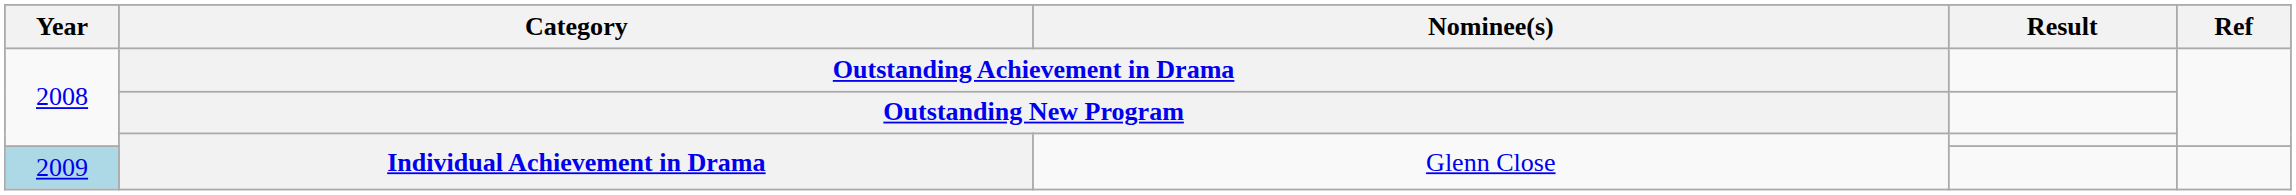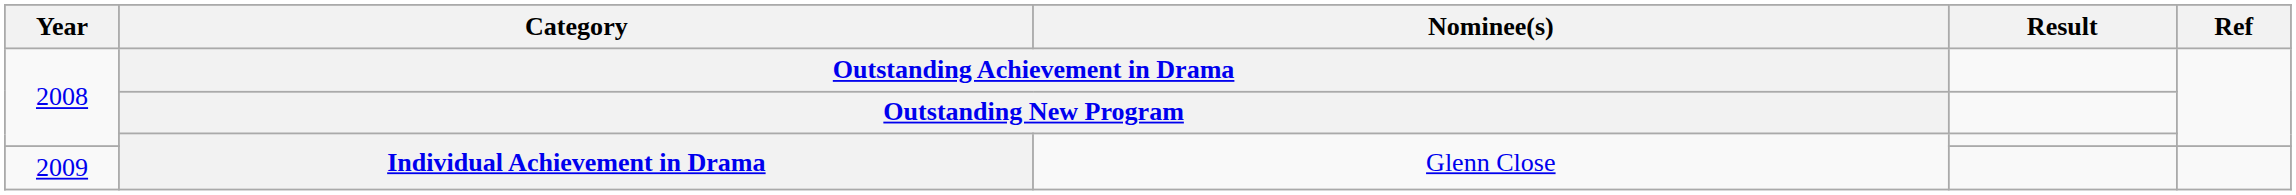 <table class="wikitable plainrowheaders" style="font-size: 90%; text-align:center" width=100%>
 <tr>
 <th scope="col" width="5%">Year</th>
 <th scope="col" width="40%">Category</th>
 <th scope="col" width="40%">Nominee(s)</th>
 <th scope="col" width="10%">Result</th>
 <th scope="col" width="5%">Ref</th>
 </tr>
 <tr>
 <td rowspan="3"><a href='#'>2008</a></td>
 <th scope="row" style="text-align:center" colspan="2"><a href='#'>Outstanding Achievement in Drama</a></th>
 <td></td>
 <td rowspan="3"></td>
 </tr>
 <tr>
 <th scope="row" style="text-align:center" colspan="2"><a href='#'>Outstanding New Program</a></th>
 <td></td>
 </tr>
 <tr>
 <th scope="row" style="text-align:center" rowspan="2"><a href='#'>Individual Achievement in Drama</a></th>
 <td rowspan="2"><a href='#'>Glenn Close</a></td>
 <td></td>
 </tr>
 <tr>
-<td style="background: lightblue;"><a href='#'>2009</a></td>
+<td><a href='#'>2009</a></td>
 <td></td>
 <td></td>
 </tr>
 </table>
